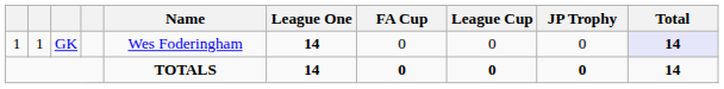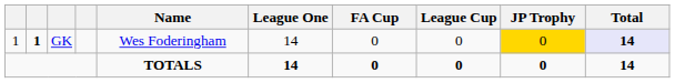 <table class="wikitable" style="font-size: 95%; text-align: center;">
 <tr>
 <th width=15></th>
 <th width=15></th>
 <th width=15></th>
 <th width=15></th>
 <th width=150>Name</th>
 <th width=80>League One</th>
 <th width=80>FA Cup</th>
 <th width=80>League Cup</th>
 <th width=80>JP Trophy</th>
 <th width=80>Total</th>
 </tr>
 <tr>
 <td>1</td>
-<td>1</td>
+<td><strong>1</strong></td>
 <td><a href='#'>GK</a></td>
 <td></td>
 <td><a href='#'>Wes Foderingham</a></td>
-<td><strong>14</strong></td>
+<td>14</td>
 <td>0</td>
 <td>0</td>
-<td>0</td>
+<td style="background: gold;">0</td>
 <td style="background: lavender;"><strong>14</strong></td>
 </tr>
 <tr>
 <td colspan="4"></td>
 <td><strong>TOTALS</strong></td>
 <td><strong>14</strong></td>
 <td><strong>0</strong></td>
 <td><strong>0</strong></td>
 <td><strong>0</strong></td>
 <td><strong>14</strong></td>
 </tr>
 </table>
